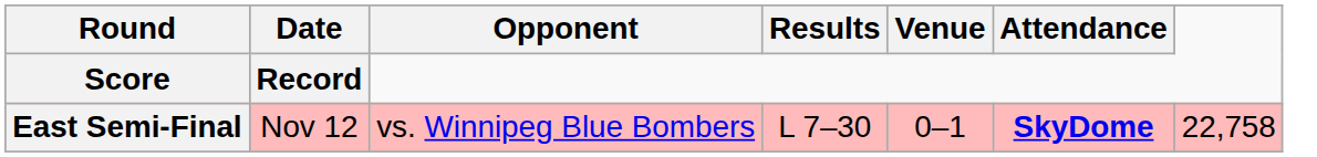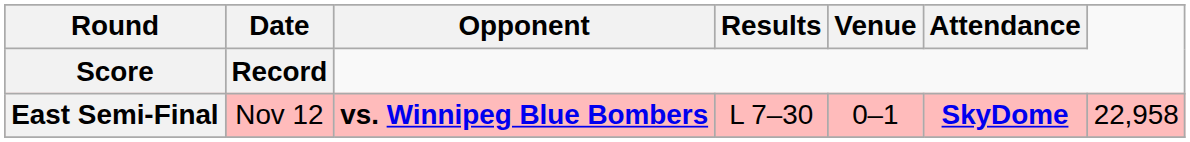 <table class="wikitable" style="text-align:center">
 <tr>
 <th>Round</th>
 <th>Date</th>
 <th>Opponent</th>
 <th>Results</th>
 <th>Venue</th>
 <th>Attendance</th>
 </tr>
 <tr>
 <th>Score</th>
 <th>Record</th>
 </tr>
 <tr style="background:#ffbbbb">
 <th>East Semi-Final</th>
 <td>Nov 12</td>
-<td>vs. <a href='#'>Winnipeg Blue Bombers</a></td>
+<td><strong>vs. <a href='#'>Winnipeg Blue Bombers</a></strong></td>
 <td>L 7–30</td>
 <td>0–1</td>
 <td><strong><a href='#'>SkyDome</a></strong></td>
-<td>22,758</td>
+<td>22,958</td>
 </tr>
 </table>
